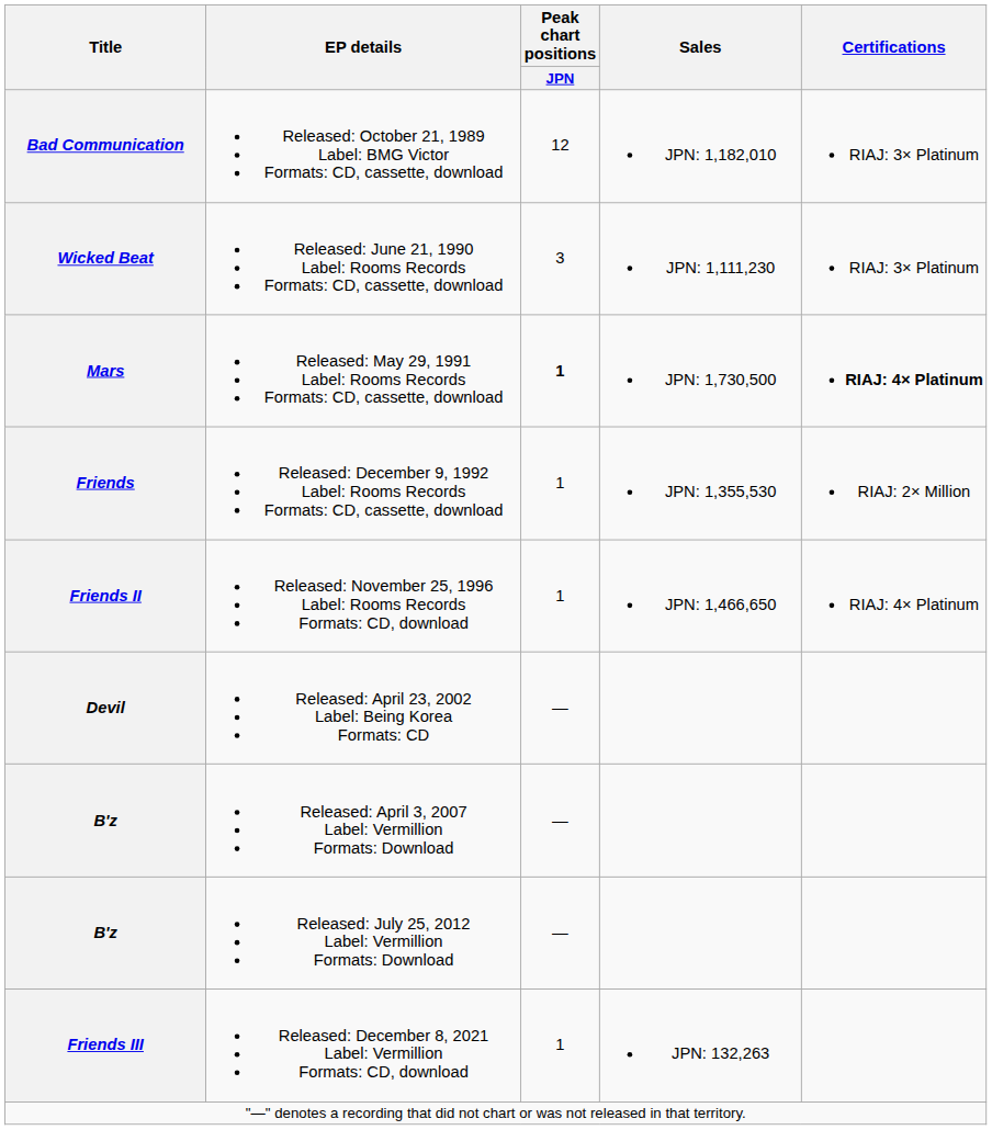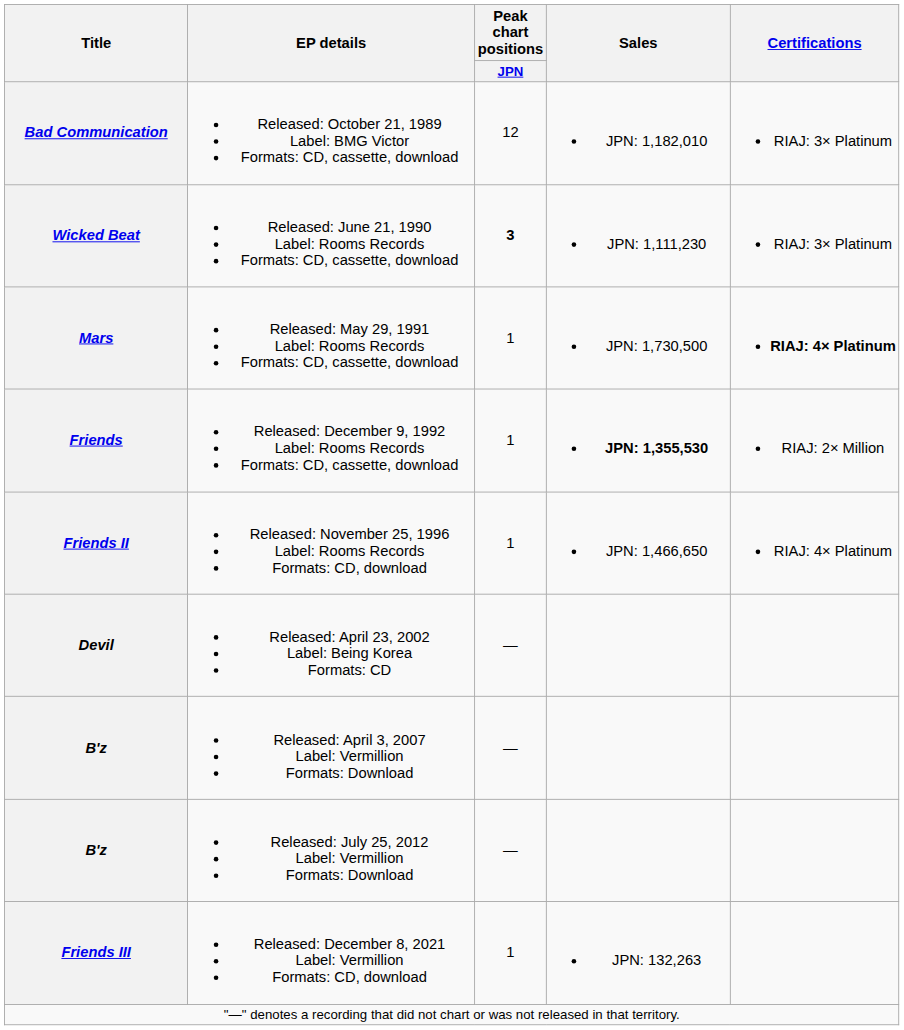 <table class="wikitable plainrowheaders" style="text-align:center;">
 <tr>
 <th scope="col" rowspan="2" style="width:12em;">Title</th>
 <th scope="col" rowspan="2" style="width:19em;">EP details</th>
 <th scope="col">Peak chart positions</th>
 <th scope="col" rowspan="2" style="width:12em;">Sales</th>
 <th scope="col" rowspan="2"><a href='#'>Certifications</a></th>
 </tr>
 <tr>
 <th scope="col" style="width:3em;font-size:90%;"><a href='#'>JPN</a><br></th>
 </tr>
 <tr>
 <th scope="row"><em><a href='#'>Bad Communication</a></em></th>
 <td><br><ul><li>Released: October 21, 1989 </li><li>Label: BMG Victor</li><li>Formats: CD, cassette, download</li></ul></td>
 <td>12</td>
 <td><br><ul><li>JPN: 1,182,010</li></ul></td>
 <td><br><ul><li>RIAJ: 3× Platinum</li></ul></td>
 </tr>
 <tr>
 <th scope="row"><em><a href='#'>Wicked Beat</a></em></th>
 <td><br><ul><li>Released: June 21, 1990 </li><li>Label: Rooms Records</li><li>Formats: CD, cassette, download</li></ul></td>
-<td>3</td>
+<td><strong>3</strong></td>
 <td><br><ul><li>JPN: 1,111,230</li></ul></td>
 <td><br><ul><li>RIAJ: 3× Platinum</li></ul></td>
 </tr>
 <tr>
 <th scope="row"><em><a href='#'>Mars</a></em></th>
 <td><br><ul><li>Released: May 29, 1991 </li><li>Label: Rooms Records</li><li>Formats: CD, cassette, download</li></ul></td>
-<td><strong>1</strong></td>
+<td>1</td>
 <td><br><ul><li>JPN: 1,730,500</li></ul></td>
 <td><strong><br><ul><li>RIAJ: 4× Platinum</li></ul></strong></td>
 </tr>
 <tr>
 <th scope="row"><em><a href='#'>Friends</a></em></th>
 <td><br><ul><li>Released: December 9, 1992 </li><li>Label: Rooms Records</li><li>Formats: CD, cassette, download</li></ul></td>
 <td>1</td>
-<td><br><ul><li>JPN: 1,355,530</li></ul></td>
+<td><strong><br><ul><li>JPN: 1,355,530</li></ul></strong></td>
 <td><br><ul><li>RIAJ: 2× Million</li></ul></td>
 </tr>
 <tr>
 <th scope="row"><em><a href='#'>Friends II</a></em></th>
 <td><br><ul><li>Released: November 25, 1996 </li><li>Label: Rooms Records</li><li>Formats: CD, download</li></ul></td>
 <td>1</td>
 <td><br><ul><li>JPN: 1,466,650</li></ul></td>
 <td><br><ul><li>RIAJ: 4× Platinum</li></ul></td>
 </tr>
 <tr>
 <th scope="row"><em>Devil</em></th>
 <td><br><ul><li>Released: April 23, 2002 </li><li>Label: Being Korea</li><li>Formats: CD</li></ul></td>
 <td>—</td>
 <td></td>
 <td></td>
 </tr>
 <tr>
 <th scope="row"><em>B'z</em></th>
 <td><br><ul><li>Released: April 3, 2007 </li><li>Label: Vermillion</li><li>Formats: Download</li></ul></td>
 <td>—</td>
 <td></td>
 <td></td>
 </tr>
 <tr>
 <th scope="row"><em>B'z</em></th>
 <td><br><ul><li>Released: July 25, 2012 </li><li>Label: Vermillion</li><li>Formats: Download</li></ul></td>
 <td>—</td>
 <td></td>
 <td></td>
 </tr>
 <tr>
 <th scope="row"><em><a href='#'>Friends III</a></em></th>
 <td><br><ul><li>Released: December 8, 2021</li><li>Label: Vermillion</li><li>Formats: CD, download</li></ul></td>
 <td>1</td>
 <td><br><ul><li>JPN: 132,263</li></ul></td>
 <td></td>
 </tr>
 <tr>
 <td align="center" colspan="7" style="font-size:90%">"—" denotes a recording that did not chart or was not released in that territory.</td>
 </tr>
 </table>
